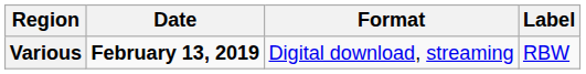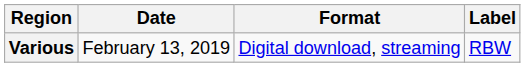 <table class="wikitable plainrowheaders">
 <tr>
 <th>Region</th>
 <th>Date</th>
 <th>Format</th>
 <th>Label</th>
 </tr>
 <tr>
 <th scope="row">Various</th>
-<td><strong>February 13, 2019</strong></td>
+<td>February 13, 2019</td>
 <td><a href='#'>Digital download</a>, <a href='#'>streaming</a></td>
 <td rowspan="2"><a href='#'>RBW</a></td>
 </tr>
 </table>
